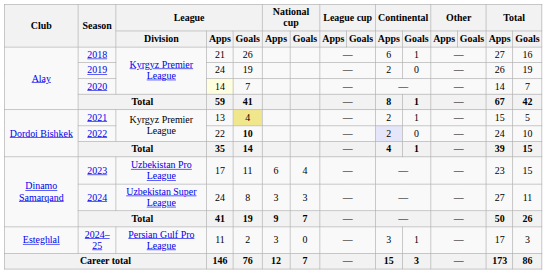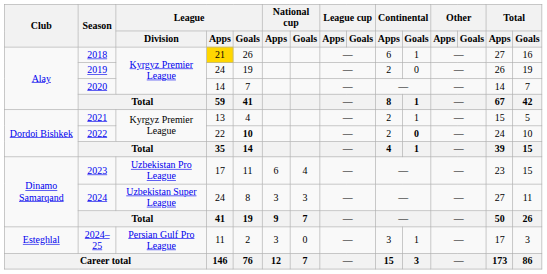 <table class="wikitable" style="text-align:center">
 <tr>
 <th rowspan="2">Club</th>
 <th rowspan="2">Season</th>
 <th colspan="3">League</th>
 <th colspan="2">National cup</th>
 <th colspan="2">League cup</th>
 <th colspan="2">Continental</th>
 <th colspan="2">Other</th>
 <th colspan="2">Total</th>
 </tr>
 <tr>
 <th>Division</th>
 <th>Apps</th>
 <th>Goals</th>
 <th>Apps</th>
 <th>Goals</th>
 <th>Apps</th>
 <th>Goals</th>
 <th>Apps</th>
 <th>Goals</th>
 <th>Apps</th>
 <th>Goals</th>
 <th>Apps</th>
 <th>Goals</th>
 </tr>
 <tr>
 <td rowspan="4"><a href='#'>Alay</a></td>
 <td><a href='#'>2018</a></td>
 <td rowspan="3"><a href='#'>Kyrgyz Premier League</a></td>
-<td>21</td>
+<td style="background: gold;">21</td>
 <td>26</td>
 <td></td>
 <td></td>
 <td colspan="2">—</td>
 <td>6</td>
 <td>1</td>
 <td colspan="2">—</td>
 <td>27</td>
 <td>16</td>
 </tr>
 <tr>
 <td><a href='#'>2019</a></td>
 <td>24</td>
 <td>19</td>
 <td></td>
 <td></td>
 <td colspan="2">—</td>
 <td>2</td>
 <td>0</td>
 <td colspan="2">—</td>
 <td>26</td>
 <td>19</td>
 </tr>
 <tr>
 <td><a href='#'>2020</a></td>
-<td style="background: lightyellow;">14</td>
+<td>14</td>
 <td>7</td>
 <td></td>
 <td></td>
 <td colspan="2">—</td>
 <td colspan="2">—</td>
 <td colspan="2">—</td>
 <td>14</td>
 <td>7</td>
 </tr>
 <tr>
 <th colspan="2">Total</th>
 <th>59</th>
 <th>41</th>
 <th></th>
 <th></th>
 <th colspan="2">—</th>
 <th>8</th>
 <th>1</th>
 <th colspan="2">—</th>
 <th>67</th>
 <th>42</th>
 </tr>
 <tr>
 <td rowspan="3"><a href='#'>Dordoi Bishkek</a></td>
 <td><a href='#'>2021</a></td>
 <td rowspan="2">Kyrgyz Premier League</td>
 <td>13</td>
-<td style="background: khaki;">4</td>
+<td>4</td>
 <td></td>
 <td></td>
 <td colspan="2">—</td>
 <td>2</td>
 <td>1</td>
 <td colspan="2">—</td>
 <td>15</td>
 <td>5</td>
 </tr>
 <tr>
 <td><a href='#'>2022</a></td>
 <td>22</td>
 <td><strong>10</strong></td>
 <td></td>
 <td></td>
 <td colspan="2">—</td>
-<td style="background: lavender;">2</td>
-<td>0</td>
+<td>2</td>
+<td><strong>0</strong></td>
 <td colspan="2">—</td>
 <td>24</td>
 <td>10</td>
 </tr>
 <tr>
 <th colspan="2">Total</th>
 <th>35</th>
 <th>14</th>
 <th></th>
 <th></th>
 <th colspan="2">—</th>
 <th>4</th>
 <th>1</th>
 <th colspan="2">—</th>
 <th>39</th>
 <th>15</th>
 </tr>
 <tr>
 <td rowspan="3"><a href='#'>Dinamo Samarqand</a></td>
 <td><a href='#'>2023</a></td>
 <td><a href='#'>Uzbekistan Pro League</a></td>
 <td>17</td>
 <td>11</td>
 <td>6</td>
 <td>4</td>
 <td colspan="2">—</td>
 <td colspan="2">—</td>
 <td colspan="2">—</td>
 <td>23</td>
 <td>15</td>
 </tr>
 <tr>
 <td><a href='#'>2024</a></td>
 <td><a href='#'>Uzbekistan Super League</a></td>
 <td>24</td>
 <td>8</td>
 <td>3</td>
 <td>3</td>
 <td colspan="2">—</td>
 <td colspan="2">—</td>
 <td colspan="2">—</td>
 <td>27</td>
 <td>11</td>
 </tr>
 <tr>
 <th colspan="2">Total</th>
 <th>41</th>
 <th>19</th>
 <th>9</th>
 <th>7</th>
 <th colspan="2">—</th>
 <th colspan="2">—</th>
 <th colspan="2">—</th>
 <th>50</th>
 <th>26</th>
 </tr>
 <tr>
 <td><a href='#'>Esteghlal</a></td>
 <td><a href='#'>2024–25</a></td>
 <td><a href='#'>Persian Gulf Pro League</a></td>
 <td>11</td>
 <td>2</td>
 <td>3</td>
 <td>0</td>
 <td colspan="2">—</td>
 <td>3</td>
 <td>1</td>
 <td colspan="2">—</td>
 <td>17</td>
 <td>3</td>
 </tr>
 <tr>
 <th colspan="3">Career total</th>
 <th>146</th>
 <th>76</th>
 <th>12</th>
 <th>7</th>
 <th colspan="2">—</th>
 <th>15</th>
 <th>3</th>
 <th colspan="2">—</th>
 <th>173</th>
 <th>86</th>
 </tr>
 </table>
